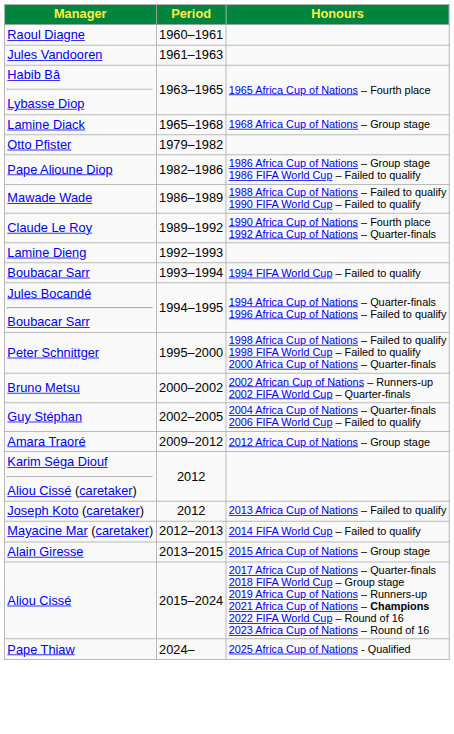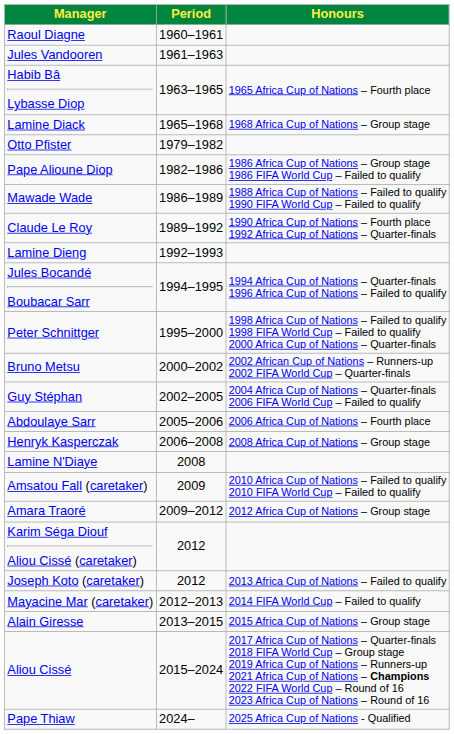 <table class="wikitable">
 <tr>
 <th style="background:#00853F; color:#FDEF42; ">Manager</th>
 <th style="background:#00853F; color:#FDEF42; ">Period</th>
 <th style="background:#00853F; color:#FDEF42; ">Honours</th>
 </tr>
 <tr>
 <td> <a href='#'>Raoul Diagne</a></td>
 <td align="center">1960–1961</td>
 <td align="left" style="font-size: 85%"></td>
 </tr>
 <tr>
 <td> <a href='#'>Jules Vandooren</a></td>
 <td align="center">1961–1963</td>
 <td align="left" style="font-size: 85%"></td>
 </tr>
 <tr>
 <td> <a href='#'>Habib Bâ</a><hr> <a href='#'>Lybasse Diop</a></td>
 <td align="center">1963–1965</td>
 <td align="left" style="font-size: 85%"> <a href='#'>1965 Africa Cup of Nations</a> – Fourth place</td>
 </tr>
 <tr>
 <td> <a href='#'>Lamine Diack</a></td>
 <td align="center">1965–1968</td>
 <td align="left" style="font-size: 85%"> <a href='#'>1968 Africa Cup of Nations</a> – Group stage</td>
 </tr>
 <tr>
 <td> <a href='#'>Otto Pfister</a></td>
 <td align="center">1979–1982</td>
 <td align="left" style="font-size: 85%"></td>
 </tr>
 <tr>
 <td> <a href='#'>Pape Alioune Diop</a></td>
 <td align="center">1982–1986</td>
 <td align="left" style="font-size: 85%"> <a href='#'>1986 Africa Cup of Nations</a> – Group stage<br> <a href='#'>1986 FIFA World Cup</a> – Failed to qualify</td>
 </tr>
 <tr>
 <td> <a href='#'>Mawade Wade</a></td>
 <td align="center">1986–1989</td>
 <td align="left" style="font-size: 85%"> <a href='#'>1988 Africa Cup of Nations</a> – Failed to qualify<br> <a href='#'>1990 FIFA World Cup</a> – Failed to qualify</td>
 </tr>
 <tr>
 <td> <a href='#'>Claude Le Roy</a></td>
 <td align="center">1989–1992</td>
 <td align="left" style="font-size: 85%"> <a href='#'>1990 Africa Cup of Nations</a> – Fourth place<br> <a href='#'>1992 Africa Cup of Nations</a> – Quarter-finals</td>
 </tr>
 <tr>
 <td> <a href='#'>Lamine Dieng</a></td>
 <td align="center">1992–1993</td>
 <td align="left" style="font-size: 85%"></td>
 </tr>
 <tr>
-<td> <a href='#'>Boubacar Sarr</a></td>
-<td align="center">1993–1994</td>
-<td align="left" style="font-size: 85%"> <a href='#'>1994 FIFA World Cup</a> – Failed to qualify</td>
-</tr>
-<tr>
 <td> <a href='#'>Jules Bocandé</a><hr> <a href='#'>Boubacar Sarr</a></td>
 <td align="center">1994–1995</td>
 <td align="left" style="font-size: 85%"> <a href='#'>1994 Africa Cup of Nations</a> – Quarter-finals<br> <a href='#'>1996 Africa Cup of Nations</a> – Failed to qualify</td>
 </tr>
 <tr>
 <td> <a href='#'>Peter Schnittger</a></td>
 <td align="center">1995–2000</td>
 <td align="left" style="font-size: 85%"> <a href='#'>1998 Africa Cup of Nations</a> – Failed to qualify<br> <a href='#'>1998 FIFA World Cup</a> – Failed to qualify<br> <a href='#'>2000 Africa Cup of Nations</a> – Quarter-finals</td>
 </tr>
 <tr>
 <td> <a href='#'>Bruno Metsu</a></td>
 <td align="center">2000–2002</td>
 <td align="left" style="font-size: 85%"> <a href='#'>2002 African Cup of Nations</a> – Runners-up<br> <a href='#'>2002 FIFA World Cup</a> – Quarter-finals</td>
 </tr>
 <tr>
 <td> <a href='#'>Guy Stéphan</a></td>
 <td align="center">2002–2005</td>
 <td align="left" style="font-size: 85%"> <a href='#'>2004 Africa Cup of Nations</a> – Quarter-finals<br> <a href='#'>2006 FIFA World Cup</a> – Failed to qualify</td>
+</tr>
+<tr>
+<td> <a href='#'>Abdoulaye Sarr</a></td>
+<td align="center">2005–2006</td>
+<td align="left" style="font-size: 85%"> <a href='#'>2006 Africa Cup of Nations</a> – Fourth place</td>
+</tr>
+<tr>
+<td> <a href='#'>Henryk Kasperczak</a></td>
+<td align="center">2006–2008</td>
+<td align="left" style="font-size: 85%"> <a href='#'>2008 Africa Cup of Nations</a> – Group stage</td>
+</tr>
+<tr>
+<td> <a href='#'>Lamine N'Diaye</a></td>
+<td align="center">2008</td>
+<td align="left" style="font-size: 85%"></td>
+</tr>
+<tr>
+<td> <a href='#'>Amsatou Fall</a> (<a href='#'>caretaker</a>)</td>
+<td align="center">2009</td>
+<td align="left" style="font-size: 85%"> <a href='#'>2010 Africa Cup of Nations</a> –  Failed to qualify<br> <a href='#'>2010 FIFA World Cup</a> – Failed to qualify</td>
 </tr>
 <tr>
 <td> <a href='#'>Amara Traoré</a></td>
 <td align="center">2009–2012</td>
 <td align="left" style="font-size: 85%"> <a href='#'>2012 Africa Cup of Nations</a> – Group stage</td>
 </tr>
 <tr>
 <td> <a href='#'>Karim Séga Diouf</a><hr> <a href='#'>Aliou Cissé</a> (<a href='#'>caretaker</a>)</td>
 <td align="center">2012</td>
 <td align="left" style="font-size: 85%"></td>
 </tr>
 <tr>
 <td> <a href='#'>Joseph Koto</a> (<a href='#'>caretaker</a>)</td>
 <td align="center">2012</td>
 <td align="left" style="font-size: 85%"> <a href='#'>2013 Africa Cup of Nations</a> –  Failed to qualify</td>
 </tr>
 <tr>
 <td> <a href='#'>Mayacine Mar</a> (<a href='#'>caretaker</a>)</td>
 <td align="center">2012–2013</td>
 <td align="left" style="font-size: 85%"> <a href='#'>2014 FIFA World Cup</a> – Failed to qualify</td>
 </tr>
 <tr>
 <td> <a href='#'>Alain Giresse</a></td>
 <td align="center">2013–2015</td>
 <td align="left" style="font-size: 85%"> <a href='#'>2015 Africa Cup of Nations</a> – Group stage</td>
 </tr>
 <tr>
 <td> <a href='#'>Aliou Cissé</a></td>
 <td align="center">2015–2024</td>
 <td align="left" style="font-size: 85%"> <a href='#'>2017 Africa Cup of Nations</a> – Quarter-finals<br> <a href='#'>2018 FIFA World Cup</a> – Group stage<br> <a href='#'>2019 Africa Cup of Nations</a> – Runners-up<br> <a href='#'>2021 Africa Cup of Nations</a> – <strong>Champions</strong><br> <a href='#'>2022 FIFA World Cup</a> – Round of 16<br> <a href='#'>2023 Africa Cup of Nations</a> – Round of 16</td>
 </tr>
 <tr>
 <td> <a href='#'>Pape Thiaw</a></td>
 <td>2024–</td>
 <td align="left" style="font-size: 85%"> <a href='#'>2025 Africa Cup of Nations</a> - Qualified</td>
 </tr>
 </table>
